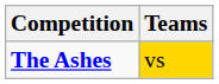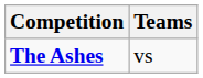 <table class="wikitable">
 <tr>
 <th>Competition</th>
 <th>Teams</th>
 </tr>
 <tr>
 <td><a href='#'><strong>The Ashes</strong></a></td>
-<td style="background: gold;"> vs </td>
+<td> vs </td>
 </tr>
 </table>
